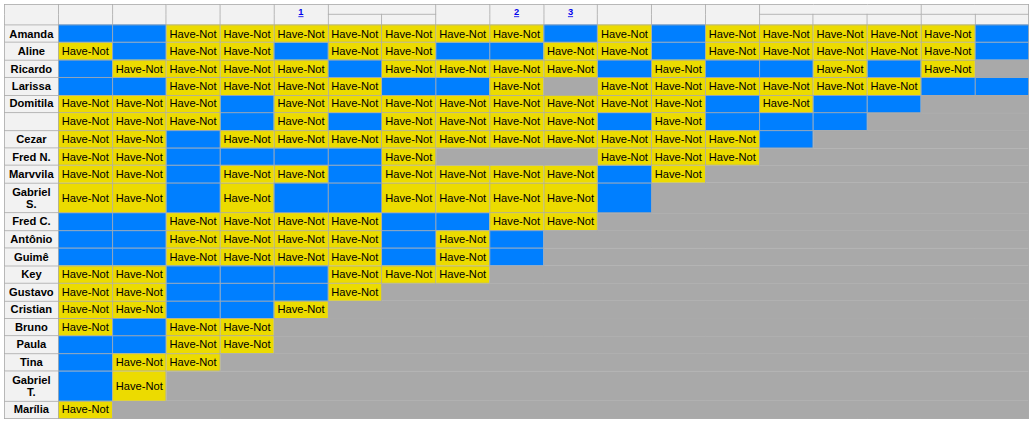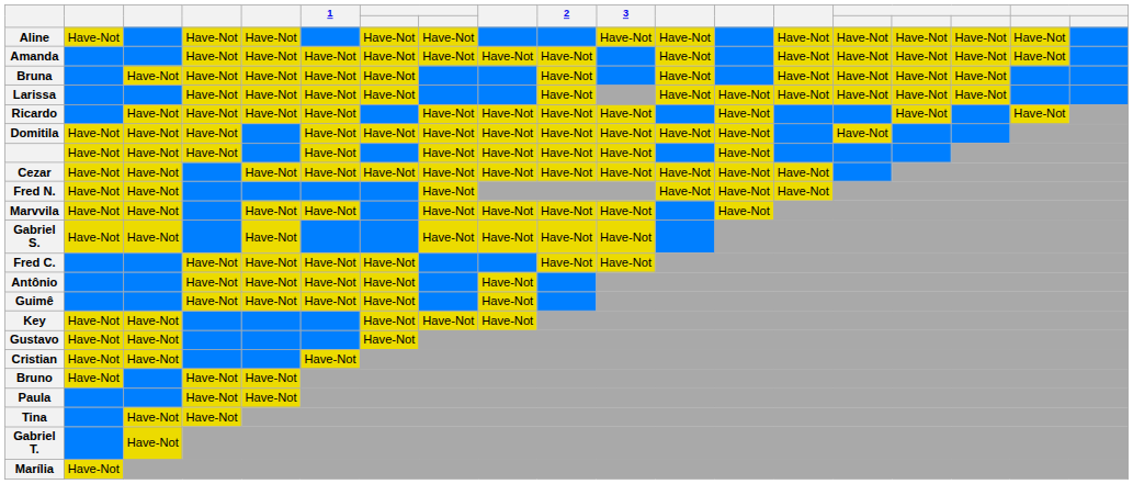 <table class="wikitable" style="text-align:center; font-size:85%; ">
 <tr>
 <th rowspan=2 width=05.25%></th>
 <th rowspan=2 width=05.25%></th>
 <th rowspan=2 width=05.25%></th>
 <th rowspan=2 width=05.25%></th>
 <th rowspan=2 width=05.25%></th>
 <th rowspan=2 width=05.25%><sup><a href='#'>1</a></sup></th>
 <th colspan=2 width=10.50%></th>
 <th rowspan=2 width=05.25%></th>
 <th rowspan=2 width=05.25%><sup><a href='#'>2</a></sup></th>
 <th rowspan=2 width=05.25%><sup><a href='#'>3</a></sup></th>
 <th rowspan=2 width=05.25%></th>
 <th rowspan=2 width=05.25%></th>
 <th rowspan=2 width=05.25%></th>
 <th colspan=3 width=15.75%></th>
 <th colspan=2 width=10.50%></th>
 </tr>
 <tr>
 <th width=5.25%></th>
 <th width=5.25%></th>
 <th width=5.25%></th>
 <th width=5.25%></th>
 <th width=5.25%></th>
 <th width=5.25%></th>
 <th width=5.25%></th>
 </tr>
 <tr>
+<th>Aline</th>
+<td bgcolor=ECDB00>Have-Not</td>
+<td bgcolor=007FFF></td>
+<td bgcolor=ECDB00>Have-Not</td>
+<td bgcolor=ECDB00>Have-Not</td>
+<td bgcolor=007FFF></td>
+<td bgcolor=ECDB00>Have-Not</td>
+<td bgcolor=ECDB00>Have-Not</td>
+<td bgcolor=007FFF></td>
+<td bgcolor=007FFF></td>
+<td bgcolor=ECDB00>Have-Not</td>
+<td bgcolor=ECDB00>Have-Not</td>
+<td bgcolor=007FFF></td>
+<td bgcolor=ECDB00>Have-Not</td>
+<td bgcolor=ECDB00>Have-Not</td>
+<td bgcolor=ECDB00>Have-Not</td>
+<td bgcolor=ECDB00>Have-Not</td>
+<td bgcolor=ECDB00>Have-Not</td>
+<td bgcolor=007FFF></td>
+</tr>
+<tr>
 <th>Amanda</th>
 <td bgcolor=007FFF></td>
 <td bgcolor=007FFF></td>
 <td bgcolor=ECDB00>Have-Not</td>
 <td bgcolor=ECDB00>Have-Not</td>
 <td bgcolor=ECDB00>Have-Not</td>
 <td bgcolor=ECDB00>Have-Not</td>
 <td bgcolor=ECDB00>Have-Not</td>
 <td bgcolor=ECDB00>Have-Not</td>
 <td bgcolor=ECDB00>Have-Not</td>
 <td bgcolor=007FFF></td>
 <td bgcolor=ECDB00>Have-Not</td>
 <td bgcolor=007FFF></td>
 <td bgcolor=ECDB00>Have-Not</td>
 <td bgcolor=ECDB00>Have-Not</td>
 <td bgcolor=ECDB00>Have-Not</td>
 <td bgcolor=ECDB00>Have-Not</td>
 <td bgcolor=ECDB00>Have-Not</td>
 <td bgcolor=007FFF></td>
 </tr>
 <tr>
-<th>Aline</th>
-<td bgcolor=ECDB00>Have-Not</td>
+<th>Bruna</th>
 <td bgcolor=007FFF></td>
 <td bgcolor=ECDB00>Have-Not</td>
 <td bgcolor=ECDB00>Have-Not</td>
-<td bgcolor=007FFF></td>
+<td bgcolor=ECDB00>Have-Not</td>
 <td bgcolor=ECDB00>Have-Not</td>
 <td bgcolor=ECDB00>Have-Not</td>
 <td bgcolor=007FFF></td>
 <td bgcolor=007FFF></td>
 <td bgcolor=ECDB00>Have-Not</td>
+<td bgcolor=007FFF></td>
 <td bgcolor=ECDB00>Have-Not</td>
 <td bgcolor=007FFF></td>
 <td bgcolor=ECDB00>Have-Not</td>
 <td bgcolor=ECDB00>Have-Not</td>
 <td bgcolor=ECDB00>Have-Not</td>
 <td bgcolor=ECDB00>Have-Not</td>
+<td bgcolor=007FFF></td>
+<td bgcolor=007FFF></td>
+</tr>
+<tr>
+<th>Larissa</th>
+<td bgcolor=007FFF></td>
+<td bgcolor=007FFF></td>
 <td bgcolor=ECDB00>Have-Not</td>
+<td bgcolor=ECDB00>Have-Not</td>
+<td bgcolor=ECDB00>Have-Not</td>
+<td bgcolor=ECDB00>Have-Not</td>
+<td bgcolor=007FFF></td>
+<td bgcolor=007FFF></td>
+<td bgcolor=ECDB00>Have-Not</td>
+<td bgcolor=A9A9A9></td>
+<td bgcolor=ECDB00>Have-Not</td>
+<td bgcolor=ECDB00>Have-Not</td>
+<td bgcolor=ECDB00>Have-Not</td>
+<td bgcolor=ECDB00>Have-Not</td>
+<td bgcolor=ECDB00>Have-Not</td>
+<td bgcolor=ECDB00>Have-Not</td>
+<td bgcolor=007FFF></td>
 <td bgcolor=007FFF></td>
 </tr>
 <tr>
 <th>Ricardo</th>
 <td bgcolor=007FFF></td>
 <td bgcolor=ECDB00>Have-Not</td>
 <td bgcolor=ECDB00>Have-Not</td>
 <td bgcolor=ECDB00>Have-Not</td>
 <td bgcolor=ECDB00>Have-Not</td>
 <td bgcolor=007FFF></td>
 <td bgcolor=ECDB00>Have-Not</td>
 <td bgcolor=ECDB00>Have-Not</td>
 <td bgcolor=ECDB00>Have-Not</td>
 <td bgcolor=ECDB00>Have-Not</td>
 <td bgcolor=007FFF></td>
 <td bgcolor=ECDB00>Have-Not</td>
 <td bgcolor=007FFF></td>
 <td bgcolor=007FFF></td>
 <td bgcolor=ECDB00>Have-Not</td>
 <td bgcolor=007FFF></td>
 <td bgcolor=ECDB00>Have-Not</td>
 <td bgcolor=A9A9A9 colspan=1></td>
-</tr>
-<tr>
-<th>Larissa</th>
-<td bgcolor=007FFF></td>
-<td bgcolor=007FFF></td>
-<td bgcolor=ECDB00>Have-Not</td>
-<td bgcolor=ECDB00>Have-Not</td>
-<td bgcolor=ECDB00>Have-Not</td>
-<td bgcolor=ECDB00>Have-Not</td>
-<td bgcolor=007FFF></td>
-<td bgcolor=007FFF></td>
-<td bgcolor=ECDB00>Have-Not</td>
-<td bgcolor=A9A9A9></td>
-<td bgcolor=ECDB00>Have-Not</td>
-<td bgcolor=ECDB00>Have-Not</td>
-<td bgcolor=ECDB00>Have-Not</td>
-<td bgcolor=ECDB00>Have-Not</td>
-<td bgcolor=ECDB00>Have-Not</td>
-<td bgcolor=ECDB00>Have-Not</td>
-<td bgcolor=007FFF></td>
-<td bgcolor=007FFF></td>
 </tr>
 <tr>
 <th>Domitila</th>
 <td bgcolor=ECDB00>Have-Not</td>
 <td bgcolor=ECDB00>Have-Not</td>
 <td bgcolor=ECDB00>Have-Not</td>
 <td bgcolor=007FFF></td>
 <td bgcolor=ECDB00>Have-Not</td>
 <td bgcolor=ECDB00>Have-Not</td>
 <td bgcolor=ECDB00>Have-Not</td>
 <td bgcolor=ECDB00>Have-Not</td>
 <td bgcolor=ECDB00>Have-Not</td>
 <td bgcolor=ECDB00>Have-Not</td>
 <td bgcolor=ECDB00>Have-Not</td>
 <td bgcolor=ECDB00>Have-Not</td>
 <td bgcolor=007FFF></td>
 <td bgcolor=ECDB00>Have-Not</td>
 <td bgcolor=007FFF></td>
 <td bgcolor=007FFF></td>
 <td bgcolor=A9A9A9 colspan=2></td>
 </tr>
 <tr>
 <th></th>
 <td bgcolor=ECDB00>Have-Not</td>
 <td bgcolor=ECDB00>Have-Not</td>
 <td bgcolor=ECDB00>Have-Not</td>
 <td bgcolor=007FFF></td>
 <td bgcolor=ECDB00>Have-Not</td>
 <td bgcolor=007FFF></td>
 <td bgcolor=ECDB00>Have-Not</td>
 <td bgcolor=ECDB00>Have-Not</td>
 <td bgcolor=ECDB00>Have-Not</td>
 <td bgcolor=ECDB00>Have-Not</td>
 <td bgcolor=007FFF></td>
 <td bgcolor=ECDB00>Have-Not</td>
 <td bgcolor=007FFF></td>
 <td bgcolor=007FFF></td>
 <td bgcolor=007FFF></td>
 <td bgcolor=A9A9A9 colspan=3></td>
 </tr>
 <tr>
 <th>Cezar</th>
 <td bgcolor=ECDB00>Have-Not</td>
 <td bgcolor=ECDB00>Have-Not</td>
 <td bgcolor=007FFF></td>
 <td bgcolor=ECDB00>Have-Not</td>
 <td bgcolor=ECDB00>Have-Not</td>
 <td bgcolor=ECDB00>Have-Not</td>
 <td bgcolor=ECDB00>Have-Not</td>
 <td bgcolor=ECDB00>Have-Not</td>
 <td bgcolor=ECDB00>Have-Not</td>
 <td bgcolor=ECDB00>Have-Not</td>
 <td bgcolor=ECDB00>Have-Not</td>
 <td bgcolor=ECDB00>Have-Not</td>
 <td bgcolor=ECDB00>Have-Not</td>
 <td bgcolor=007FFF></td>
 <td bgcolor=A9A9A9 colspan=4></td>
 </tr>
 <tr>
 <th>Fred N.</th>
 <td bgcolor=ECDB00>Have-Not</td>
 <td bgcolor=ECDB00>Have-Not</td>
 <td bgcolor=007FFF></td>
 <td bgcolor=007FFF></td>
 <td bgcolor=007FFF></td>
 <td bgcolor=007FFF></td>
 <td bgcolor=ECDB00>Have-Not</td>
 <td bgcolor=A9A9A9 colspan=3></td>
 <td bgcolor=ECDB00>Have-Not</td>
 <td bgcolor=ECDB00>Have-Not</td>
 <td bgcolor=ECDB00>Have-Not</td>
 <td bgcolor=A9A9A9 colspan=5></td>
 </tr>
 <tr>
 <th>Marvvila</th>
 <td bgcolor=ECDB00>Have-Not</td>
 <td bgcolor=ECDB00>Have-Not</td>
 <td bgcolor=007FFF></td>
 <td bgcolor=ECDB00>Have-Not</td>
 <td bgcolor=ECDB00>Have-Not</td>
 <td bgcolor=007FFF></td>
 <td bgcolor=ECDB00>Have-Not</td>
 <td bgcolor=ECDB00>Have-Not</td>
 <td bgcolor=ECDB00>Have-Not</td>
 <td bgcolor=ECDB00>Have-Not</td>
 <td bgcolor=007FFF></td>
 <td bgcolor=ECDB00>Have-Not</td>
 <td bgcolor=A9A9A9 colspan=6></td>
 </tr>
 <tr>
 <th>Gabriel S.</th>
 <td bgcolor=ECDB00>Have-Not</td>
 <td bgcolor=ECDB00>Have-Not</td>
 <td bgcolor=007FFF></td>
 <td bgcolor=ECDB00>Have-Not</td>
 <td bgcolor=007FFF></td>
 <td bgcolor=007FFF></td>
 <td bgcolor=ECDB00>Have-Not</td>
 <td bgcolor=ECDB00>Have-Not</td>
 <td bgcolor=ECDB00>Have-Not</td>
 <td bgcolor=ECDB00>Have-Not</td>
 <td bgcolor=007FFF></td>
 <td bgcolor=A9A9A9 colspan=7></td>
 </tr>
 <tr>
 <th>Fred C.</th>
 <td bgcolor=007FFF></td>
 <td bgcolor=007FFF></td>
 <td bgcolor=ECDB00>Have-Not</td>
 <td bgcolor=ECDB00>Have-Not</td>
 <td bgcolor=ECDB00>Have-Not</td>
 <td bgcolor=ECDB00>Have-Not</td>
 <td bgcolor=007FFF></td>
 <td bgcolor=007FFF></td>
 <td bgcolor=ECDB00>Have-Not</td>
 <td bgcolor=ECDB00>Have-Not</td>
 <td bgcolor=A9A9A9 colspan=8></td>
 </tr>
 <tr>
 <th>Antônio</th>
 <td bgcolor=007FFF></td>
 <td bgcolor=007FFF></td>
 <td bgcolor=ECDB00>Have-Not</td>
 <td bgcolor=ECDB00>Have-Not</td>
 <td bgcolor=ECDB00>Have-Not</td>
 <td bgcolor=ECDB00>Have-Not</td>
 <td bgcolor=007FFF></td>
 <td bgcolor=ECDB00>Have-Not</td>
 <td bgcolor=007FFF></td>
 <td bgcolor=A9A9A9 colspan=9></td>
 </tr>
 <tr>
 <th>Guimê</th>
 <td bgcolor=007FFF></td>
 <td bgcolor=007FFF></td>
 <td bgcolor=ECDB00>Have-Not</td>
 <td bgcolor=ECDB00>Have-Not</td>
 <td bgcolor=ECDB00>Have-Not</td>
 <td bgcolor=ECDB00>Have-Not</td>
 <td bgcolor=007FFF></td>
 <td bgcolor=ECDB00>Have-Not</td>
 <td bgcolor=007FFF></td>
 <td bgcolor=A9A9A9 colspan=9></td>
 </tr>
 <tr>
 <th>Key</th>
 <td bgcolor=ECDB00>Have-Not</td>
 <td bgcolor=ECDB00>Have-Not</td>
 <td bgcolor=007FFF></td>
 <td bgcolor=007FFF></td>
 <td bgcolor=007FFF></td>
 <td bgcolor=ECDB00>Have-Not</td>
 <td bgcolor=ECDB00>Have-Not</td>
 <td bgcolor=ECDB00>Have-Not</td>
 <td bgcolor=A9A9A9 colspan=10></td>
 </tr>
 <tr>
 <th>Gustavo</th>
 <td bgcolor=ECDB00>Have-Not</td>
 <td bgcolor=ECDB00>Have-Not</td>
 <td bgcolor=007FFF></td>
 <td bgcolor=007FFF></td>
 <td bgcolor=007FFF></td>
 <td bgcolor=ECDB00>Have-Not</td>
 <td bgcolor=A9A9A9 colspan=12></td>
 </tr>
 <tr>
 <th>Cristian</th>
 <td bgcolor=ECDB00>Have-Not</td>
 <td bgcolor=ECDB00>Have-Not</td>
 <td bgcolor=007FFF></td>
 <td bgcolor=007FFF></td>
 <td bgcolor=ECDB00>Have-Not</td>
 <td bgcolor=A9A9A9 colspan=13></td>
 </tr>
 <tr>
 <th>Bruno</th>
 <td bgcolor=ECDB00>Have-Not</td>
 <td bgcolor=007FFF></td>
 <td bgcolor=ECDB00>Have-Not</td>
 <td bgcolor=ECDB00>Have-Not</td>
 <td bgcolor=A9A9A9 colspan=14></td>
 </tr>
 <tr>
 <th>Paula</th>
 <td bgcolor=007FFF></td>
 <td bgcolor=007FFF></td>
 <td bgcolor=ECDB00>Have-Not</td>
 <td bgcolor=ECDB00>Have-Not</td>
 <td bgcolor=A9A9A9 colspan=14></td>
 </tr>
 <tr>
 <th>Tina</th>
 <td bgcolor=007FFF></td>
 <td bgcolor=ECDB00>Have-Not</td>
 <td bgcolor=ECDB00>Have-Not</td>
 <td bgcolor=A9A9A9 colspan=15></td>
 </tr>
 <tr>
 <th>Gabriel T.</th>
 <td bgcolor=007FFF></td>
 <td bgcolor=ECDB00>Have-Not</td>
 <td bgcolor=A9A9A9 colspan=16></td>
 </tr>
 <tr>
 <th>Marília</th>
 <td bgcolor=ECDB00>Have-Not</td>
 <td bgcolor=A9A9A9 colspan=17></td>
 </tr>
 </table>
